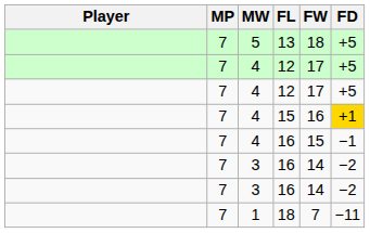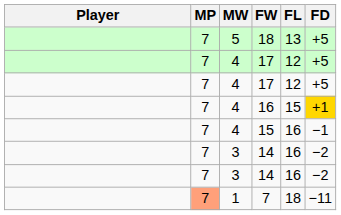 <table class="wikitable" style="text-align: center;">
 <tr>
 <th width=200>Player</th>
 <th width=20>MP</th>
 <th width=20>MW</th>
+<th width=20>FW</th>
 <th width=20>FL</th>
-<th width=20>FW</th>
 <th width=20>FD</th>
 </tr>
 <tr style="background:#ccffcc;">
 <td style="text-align:left;"><strong></strong></td>
 <td>7</td>
 <td>5</td>
+<td>18</td>
 <td>13</td>
-<td>18</td>
 <td>+5</td>
 </tr>
 <tr style="background:#ccffcc;">
 <td style="text-align:left;"><strong></strong></td>
 <td>7</td>
 <td>4</td>
+<td>17</td>
 <td>12</td>
-<td>17</td>
 <td>+5</td>
 </tr>
 <tr>
 <td style="text-align:left;"></td>
 <td>7</td>
 <td>4</td>
+<td>17</td>
 <td>12</td>
-<td>17</td>
 <td>+5</td>
+</tr>
+<tr>
+<td style="text-align:left;"></td>
+<td>7</td>
+<td>4</td>
+<td>16</td>
+<td>15</td>
+<td style="background: gold;">+1</td>
 </tr>
 <tr>
 <td style="text-align:left;"></td>
 <td>7</td>
 <td>4</td>
 <td>15</td>
 <td>16</td>
-<td style="background: gold;">+1</td>
-</tr>
-<tr>
-<td style="text-align:left;"></td>
-<td>7</td>
-<td>4</td>
-<td>16</td>
-<td>15</td>
 <td>−1</td>
 </tr>
 <tr>
 <td style="text-align:left;"></td>
 <td>7</td>
 <td>3</td>
+<td>14</td>
 <td>16</td>
-<td>14</td>
 <td>−2</td>
 </tr>
 <tr>
 <td style="text-align:left;"></td>
 <td>7</td>
 <td>3</td>
+<td>14</td>
 <td>16</td>
-<td>14</td>
 <td>−2</td>
 </tr>
 <tr>
 <td style="text-align:left;"></td>
+<td style="background: lightsalmon;">7</td>
+<td>1</td>
 <td>7</td>
-<td>1</td>
 <td>18</td>
-<td>7</td>
 <td>−11</td>
 </tr>
 </table>
